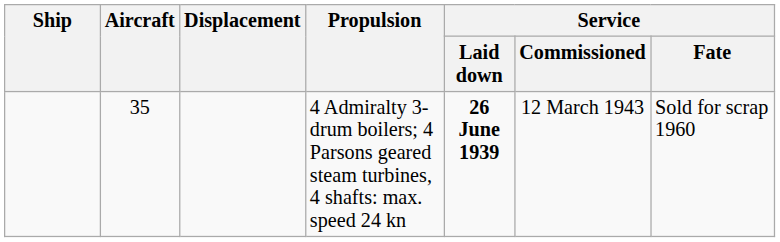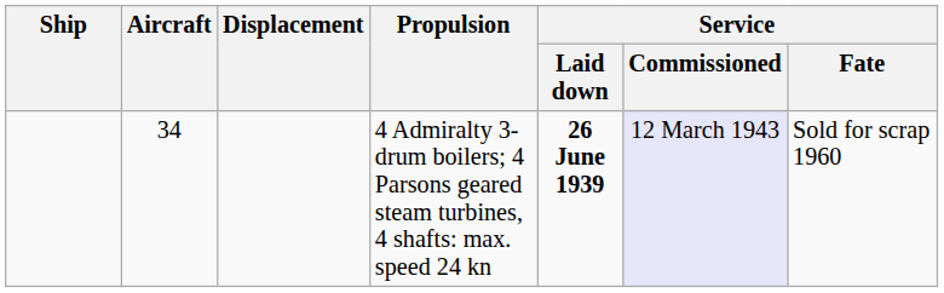 <table class="wikitable" style="width:98%;">
 <tr valign="top"|- valign="top">
 <th style="width:15%; text-align:center;" rowspan="2">Ship</th>
 <th style="width:5%; text-align:center;" rowspan="2">Aircraft</th>
 <th style="width:10%; text-align:center;" rowspan="2">Displacement</th>
 <th style="width:20%; text-align:center;" rowspan="2">Propulsion</th>
 <th style="width:40%; text-align:center;" colspan="3">Service</th>
 </tr>
 <tr valign="top">
 <th style="width:10%; text-align:center;">Laid down</th>
 <th style="width:10%; text-align:center;">Commissioned</th>
 <th style="width:20%; text-align:center;">Fate</th>
 </tr>
 <tr valign="top">
 <td align= left></td>
-<td style="text-align:center;">35</td>
+<td style="text-align:center;">34</td>
 <td style="text-align:center;"></td>
 <td align= left>4 Admiralty 3-drum boilers; 4 Parsons geared steam turbines, 4 shafts: max. speed 24 kn</td>
 <td style="text-align:center;"><strong>26 June 1939</strong></td>
-<td style="text-align:center;">12 March 1943</td>
+<td style="background: lavender; text-align:center;">12 March 1943</td>
 <td align= left>Sold for scrap 1960</td>
 </tr>
 </table>
